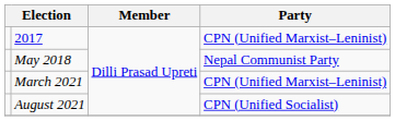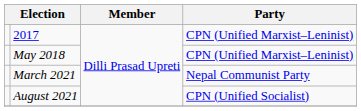 <table class="wikitable">
 <tr>
 <th colspan="2">Election</th>
 <th>Member</th>
 <th>Party</th>
 </tr>
 <tr>
 <td style="background-color:"></td>
 <td><a href='#'>2017</a></td>
 <td rowspan="4"><a href='#'>Dilli Prasad Upreti</a></td>
 <td><a href='#'>CPN (Unified Marxist–Leninist)</a></td>
 </tr>
 <tr>
 <td style="background-color:"></td>
 <td><em>May 2018</em></td>
-<td><a href='#'>Nepal Communist Party</a></td>
+<td><a href='#'>CPN (Unified Marxist–Leninist)</a></td>
 </tr>
 <tr>
 <td style="background-color:"></td>
 <td><em>March 2021</em></td>
-<td><a href='#'>CPN (Unified Marxist–Leninist)</a></td>
+<td><a href='#'>Nepal Communist Party</a></td>
 </tr>
 <tr>
 <td style="background-color:"></td>
 <td><em>August 2021</em></td>
 <td><a href='#'>CPN (Unified Socialist)</a></td>
 </tr>
 <tr>
 </tr>
 </table>
